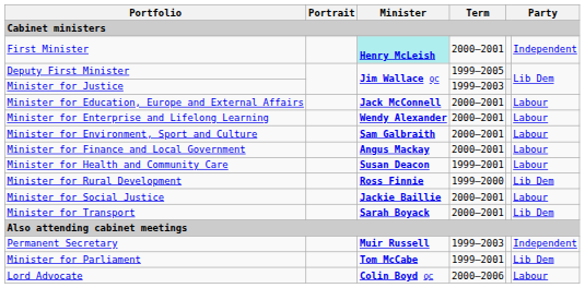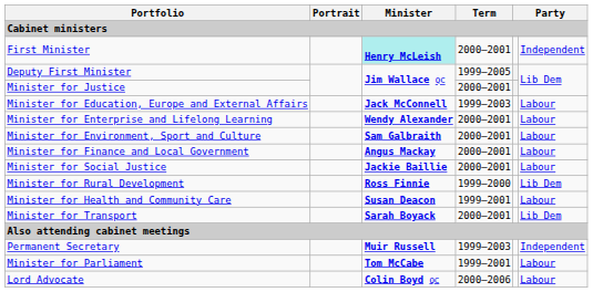 <table class="wikitable">
 <tr>
 <th>Portfolio</th>
 <th>Portrait</th>
 <th>Minister</th>
 <th>Term</th>
 <th colspan="2">Party</th>
 </tr>
 <tr>
 <td colspan="6" style="background:#ccc;"><strong>Cabinet ministers</strong></td>
 </tr>
 <tr>
 <td><a href='#'>First Minister</a></td>
 <td></td>
 <td style="background: paleturquoise;"><br><strong><a href='#'>Henry McLeish</a></strong> </td>
 <td>2000–2001</td>
 <td style="background-color: "></td>
 <td><a href='#'>Independent</a></td>
 </tr>
 <tr>
 <td><a href='#'>Deputy First Minister</a></td>
 <td rowspan="2"></td>
 <td rowspan="2"><strong><a href='#'>Jim Wallace</a></strong> <a href='#'><small>QC</small></a> </td>
 <td>1999–2005</td>
 <th style="background-color: "></th>
 <td rowspan="2"><a href='#'>Lib Dem</a></td>
 </tr>
 <tr>
 <td><a href='#'>Minister for Justice</a></td>
-<td>1999–2003</td>
+<td>2000–2001</td>
 <th style="background-color: "></th>
 </tr>
 <tr>
 <td><a href='#'>Minister for Education, Europe and External Affairs</a></td>
 <td></td>
 <td><strong><a href='#'>Jack McConnell</a></strong> </td>
-<td>2000–2001</td>
+<td>1999–2003</td>
 <td style="background-color: "></td>
 <td><a href='#'>Labour</a></td>
 </tr>
 <tr>
 <td><a href='#'>Minister for Enterprise and Lifelong Learning</a></td>
 <td></td>
 <td><strong><a href='#'>Wendy Alexander</a></strong> </td>
 <td>2000–2001</td>
 <td style="background-color: "></td>
 <td><a href='#'>Labour</a></td>
 </tr>
 <tr>
 <td><a href='#'>Minister for Environment, Sport and Culture</a></td>
 <td></td>
 <td><strong><a href='#'>Sam Galbraith</a></strong> </td>
 <td>2000–2001</td>
 <td style="background-color: "></td>
 <td><a href='#'>Labour</a></td>
 </tr>
 <tr>
 <td><a href='#'>Minister for Finance and Local Government</a></td>
 <td></td>
 <td><a href='#'><strong>Angus Mackay</strong></a> </td>
 <td>2000–2001</td>
 <td style="background-color: "></td>
 <td><a href='#'>Labour</a></td>
 </tr>
 <tr>
-<td><a href='#'>Minister for Health and Community Care</a></td>
+<td><a href='#'>Minister for Social Justice</a></td>
 <td></td>
-<td><strong><a href='#'>Susan Deacon</a></strong> </td>
-<td>1999–2001</td>
+<td><strong><a href='#'>Jackie Baillie</a></strong> </td>
+<td>2000–2001</td>
 <td style="background-color: "></td>
 <td><a href='#'>Labour</a></td>
 </tr>
 <tr>
 <td><a href='#'>Minister for Rural Development</a></td>
 <td></td>
 <td><strong><a href='#'>Ross Finnie</a></strong> </td>
 <td>1999–2000</td>
 <td style="background-color: "></td>
 <td><a href='#'>Lib Dem</a></td>
 </tr>
 <tr>
-<td><a href='#'>Minister for Social Justice</a></td>
+<td><a href='#'>Minister for Health and Community Care</a></td>
 <td></td>
-<td><strong><a href='#'>Jackie Baillie</a></strong> </td>
-<td>2000–2001</td>
+<td><strong><a href='#'>Susan Deacon</a></strong> </td>
+<td>1999–2001</td>
 <td style="background-color: "></td>
 <td><a href='#'>Labour</a></td>
 </tr>
 <tr>
 <td><a href='#'>Minister for Transport</a></td>
 <td></td>
 <td><strong><a href='#'>Sarah Boyack</a></strong> </td>
 <td>2000–2001</td>
 <td style="background-color: "></td>
 <td><a href='#'>Lib Dem</a></td>
 </tr>
 <tr>
 <td colspan="6" style="background:#ccc;"><strong>Also attending cabinet meetings</strong></td>
 </tr>
 <tr>
 <td><a href='#'>Permanent Secretary</a></td>
 <td></td>
 <td><strong><a href='#'>Muir Russell</a></strong></td>
 <td>1999–2003</td>
 <td style="background-color: "></td>
 <td><a href='#'>Independent</a></td>
 </tr>
 <tr>
 <td><a href='#'>Minister for Parliament</a></td>
 <td></td>
 <td><strong><a href='#'>Tom McCabe</a></strong> </td>
 <td>1999–2001</td>
 <td style="background-color: "></td>
-<td><a href='#'>Lib Dem</a></td>
+<td><a href='#'>Labour</a></td>
 </tr>
 <tr>
 <td><a href='#'>Lord Advocate</a></td>
 <td></td>
 <td> <strong><a href='#'>Colin Boyd</a></strong> <a href='#'><small>QC</small></a></td>
 <td>2000–2006</td>
 <td style="background-color: "></td>
 <td><a href='#'>Labour</a></td>
 </tr>
 </table>
